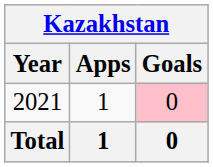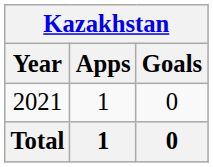 <table class="wikitable" style="text-align:center">
 <tr>
 <th colspan=3><a href='#'>Kazakhstan</a></th>
 </tr>
 <tr>
 <th>Year</th>
 <th>Apps</th>
 <th>Goals</th>
 </tr>
 <tr>
 <td>2021</td>
 <td>1</td>
-<td style="background: pink;">0</td>
+<td>0</td>
 </tr>
 <tr>
 <th>Total</th>
 <th>1</th>
 <th>0</th>
 </tr>
 </table>
